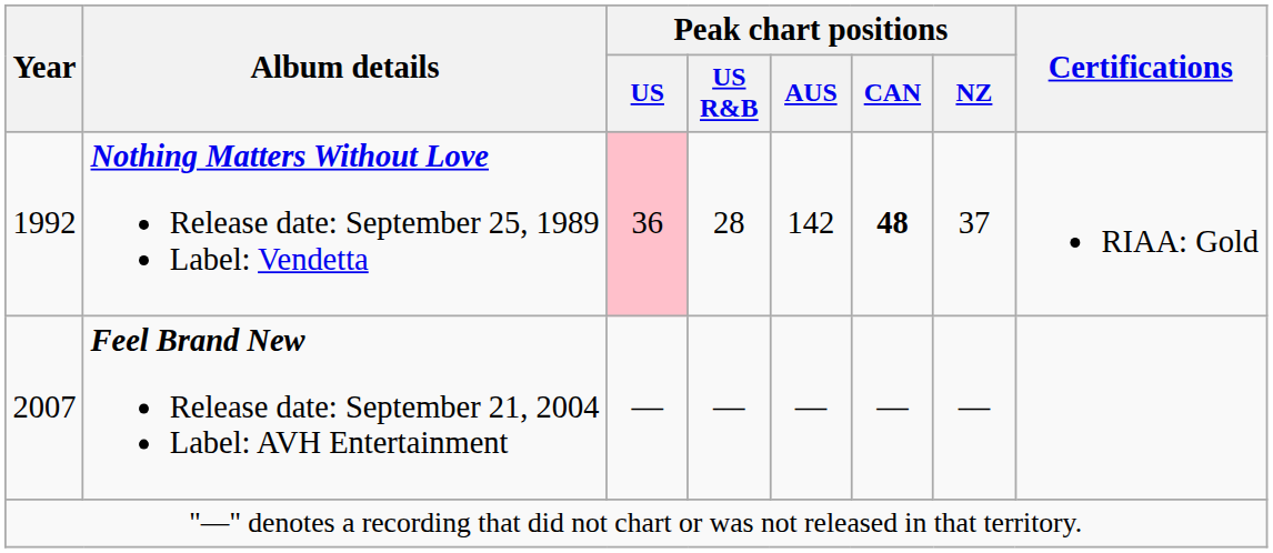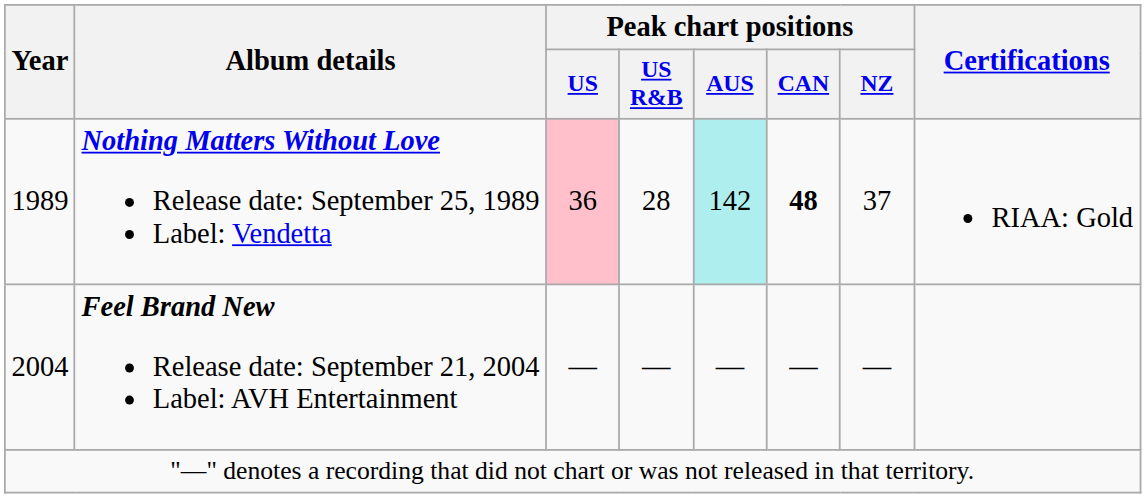 <table class="wikitable" style="text-align:center;">
 <tr>
 <th rowspan="2">Year</th>
 <th rowspan="2">Album details</th>
 <th colspan="5">Peak chart positions</th>
 <th rowspan="2"><a href='#'>Certifications</a></th>
 </tr>
 <tr style="font-size:smaller;">
 <th width="35"><a href='#'>US</a><br></th>
 <th width="35"><a href='#'>US<br>R&B</a><br></th>
 <th width="35"><a href='#'>AUS</a><br></th>
 <th width="35"><a href='#'>CAN</a><br></th>
 <th width="35"><a href='#'>NZ</a><br></th>
 </tr>
 <tr>
-<td rowspan="1">1992</td>
+<td rowspan="1">1989</td>
 <td align="left"><strong><em><a href='#'>Nothing Matters Without Love</a></em></strong><br><ul><li>Release date: September 25, 1989</li><li>Label: <a href='#'>Vendetta</a></li></ul></td>
 <td style="background: pink;">36</td>
 <td>28</td>
-<td>142</td>
+<td style="background: paleturquoise;">142</td>
 <td><strong>48</strong></td>
 <td>37</td>
 <td align="left"><br><ul><li>RIAA: Gold </li></ul></td>
 </tr>
 <tr>
-<td rowspan="1">2007</td>
+<td rowspan="1">2004</td>
 <td align="left"><strong><em>Feel Brand New</em></strong><br><ul><li>Release date: September 21, 2004</li><li>Label: AVH Entertainment</li></ul></td>
 <td>—</td>
 <td>—</td>
 <td>—</td>
 <td>—</td>
 <td>—</td>
 <td align="left"></td>
 </tr>
 <tr>
 <td colspan="15" style="font-size:90%">"—" denotes a recording that did not chart or was not released in that territory.</td>
 </tr>
 </table>
